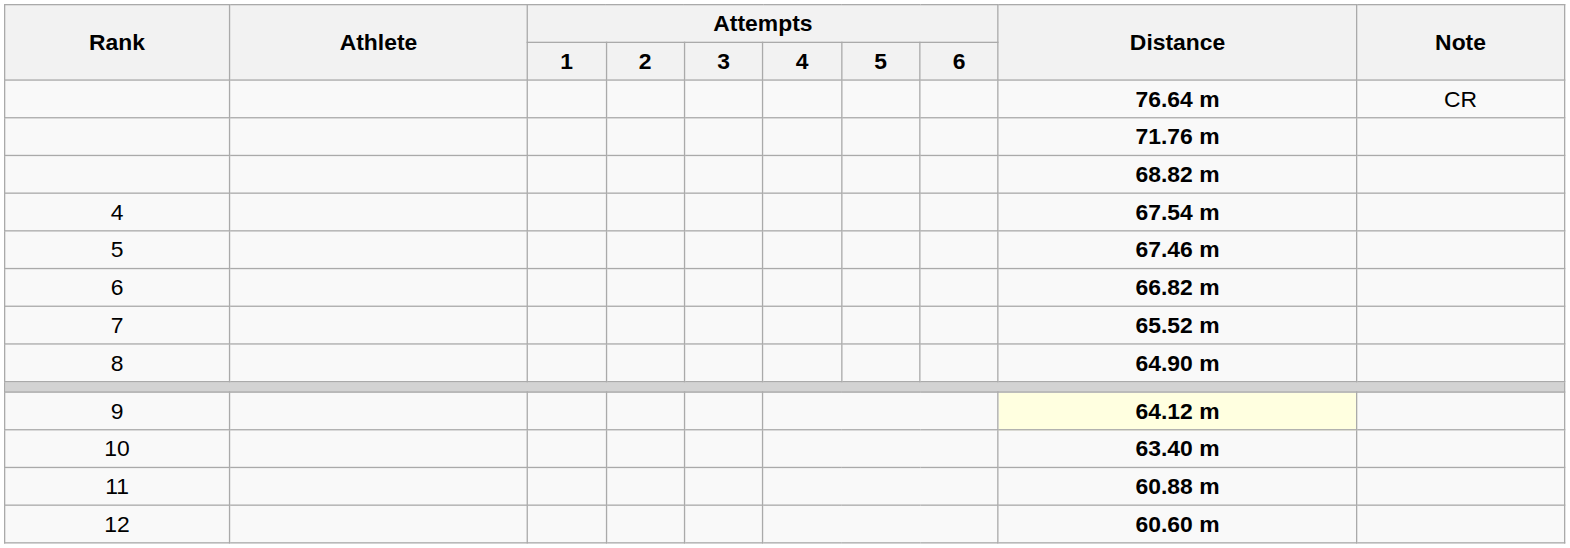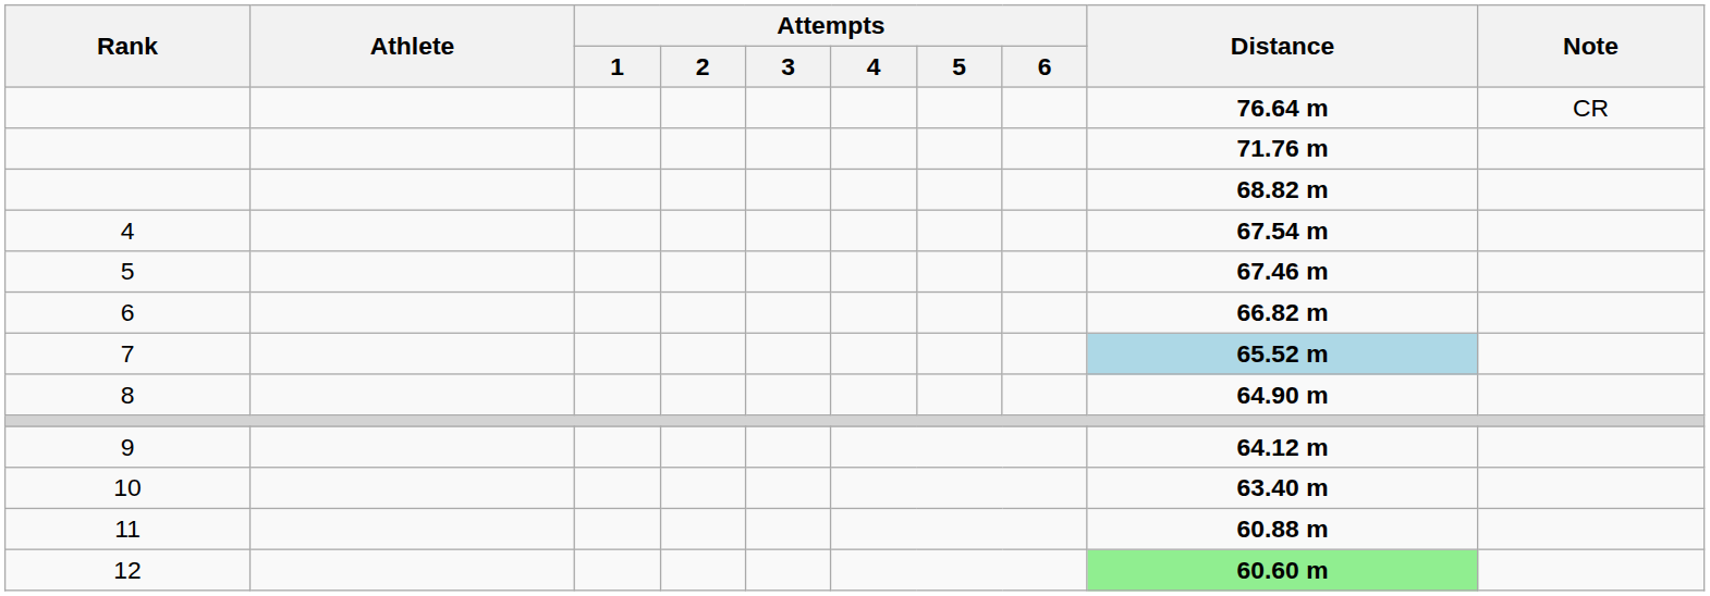 <table class="wikitable" style=" text-align:center; font-size:110%;" width="95%">
 <tr>
 <th rowspan="2">Rank</th>
 <th rowspan="2">Athlete</th>
 <th colspan="6">Attempts</th>
 <th rowspan="2">Distance</th>
 <th rowspan="2">Note</th>
 </tr>
 <tr>
 <th>1</th>
 <th>2</th>
 <th>3</th>
 <th>4</th>
 <th>5</th>
 <th>6</th>
 </tr>
 <tr>
 <td></td>
 <td align=left></td>
 <td></td>
 <td></td>
 <td></td>
 <td></td>
 <td></td>
 <td></td>
 <td><strong>76.64 m</strong></td>
 <td>CR</td>
 </tr>
 <tr>
 <td></td>
 <td align=left></td>
 <td></td>
 <td></td>
 <td></td>
 <td></td>
 <td></td>
 <td></td>
 <td><strong>71.76 m</strong></td>
 <td></td>
 </tr>
 <tr>
 <td></td>
 <td align=left></td>
 <td></td>
 <td></td>
 <td></td>
 <td></td>
 <td></td>
 <td></td>
 <td><strong>68.82 m</strong></td>
 <td></td>
 </tr>
 <tr>
 <td>4</td>
 <td align=left></td>
 <td></td>
 <td></td>
 <td></td>
 <td></td>
 <td></td>
 <td></td>
 <td><strong>67.54 m</strong></td>
 <td></td>
 </tr>
 <tr>
 <td>5</td>
 <td align=left></td>
 <td></td>
 <td></td>
 <td></td>
 <td></td>
 <td></td>
 <td></td>
 <td><strong>67.46 m</strong></td>
 <td></td>
 </tr>
 <tr>
 <td>6</td>
 <td align=left></td>
 <td></td>
 <td></td>
 <td></td>
 <td></td>
 <td></td>
 <td></td>
 <td><strong>66.82 m</strong></td>
 <td></td>
 </tr>
 <tr>
 <td>7</td>
 <td align=left></td>
 <td></td>
 <td></td>
 <td></td>
 <td></td>
 <td></td>
 <td></td>
-<td><strong>65.52 m</strong></td>
+<td style="background: lightblue;"><strong>65.52 m</strong></td>
 <td></td>
 </tr>
 <tr>
 <td>8</td>
 <td align=left></td>
 <td></td>
 <td></td>
 <td></td>
 <td></td>
 <td></td>
 <td></td>
 <td><strong>64.90 m</strong></td>
 <td></td>
 </tr>
 <tr>
 <td colspan=10 bgcolor=lightgray></td>
 </tr>
 <tr>
 <td>9</td>
 <td align=left></td>
 <td></td>
 <td></td>
 <td></td>
 <td colspan=3></td>
-<td style="background: lightyellow;"><strong>64.12 m</strong></td>
+<td><strong>64.12 m</strong></td>
 <td></td>
 </tr>
 <tr>
 <td>10</td>
 <td align=left></td>
 <td></td>
 <td></td>
 <td></td>
 <td colspan=3></td>
 <td><strong>63.40 m</strong></td>
 <td></td>
 </tr>
 <tr>
 <td>11</td>
 <td align=left></td>
 <td></td>
 <td></td>
 <td></td>
 <td colspan=3></td>
 <td><strong>60.88 m</strong></td>
 <td></td>
 </tr>
 <tr>
 <td>12</td>
 <td align=left></td>
 <td></td>
 <td></td>
 <td></td>
 <td colspan=3></td>
-<td><strong>60.60 m</strong></td>
+<td style="background: lightgreen;"><strong>60.60 m</strong></td>
 <td></td>
 </tr>
 </table>
